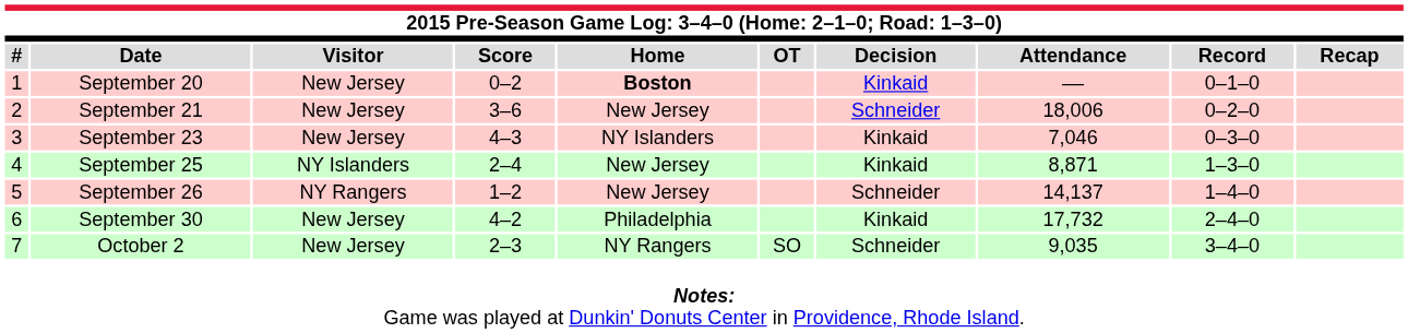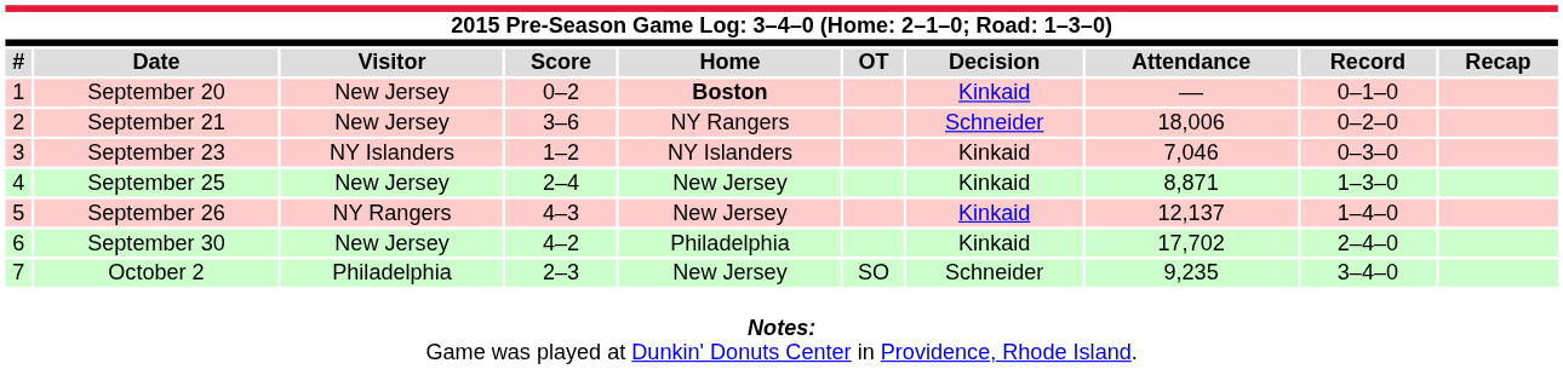 <table class="toccolours collapsible collapsed" style="width:90%; clear:both; margin:1.5em auto; text-align:center;">
 <tr>
 <th colspan=10 style="background:#fff; border-top:#E51837 5px solid; border-bottom:#000000 5px solid;">2015 Pre-Season Game Log: 3–4–0 (Home: 2–1–0; Road: 1–3–0)</th>
 </tr>
 <tr style="text-align:center; background:#ddd;">
 <th>#</th>
 <th>Date</th>
 <th>Visitor</th>
 <th>Score</th>
 <th>Home</th>
 <th>OT</th>
 <th>Decision</th>
 <th>Attendance</th>
 <th>Record</th>
 <th>Recap</th>
 </tr>
 <tr style="text-align:center; background:#fcc;">
 <td>1</td>
 <td>September 20</td>
 <td>New Jersey</td>
 <td>0–2</td>
 <td><strong>Boston</strong></td>
 <td></td>
 <td><a href='#'>Kinkaid</a></td>
 <td>––</td>
 <td>0–1–0</td>
 <td></td>
 </tr>
 <tr style="text-align:center; background:#fcc;">
 <td>2</td>
 <td>September 21</td>
 <td>New Jersey</td>
 <td>3–6</td>
-<td>New Jersey</td>
+<td>NY Rangers</td>
 <td></td>
 <td><a href='#'>Schneider</a></td>
 <td>18,006</td>
 <td>0–2–0</td>
 <td></td>
 </tr>
 <tr style="text-align:center; background:#fcc;">
 <td>3</td>
 <td>September 23</td>
-<td>New Jersey</td>
-<td>4–3</td>
+<td>NY Islanders</td>
+<td>1–2</td>
 <td>NY Islanders</td>
 <td></td>
 <td>Kinkaid</td>
 <td>7,046</td>
 <td>0–3–0</td>
 <td></td>
 </tr>
 <tr style="text-align:center; background:#cfc;">
 <td>4</td>
 <td>September 25</td>
-<td>NY Islanders</td>
+<td>New Jersey</td>
 <td>2–4</td>
 <td>New Jersey</td>
 <td></td>
 <td>Kinkaid</td>
 <td>8,871</td>
 <td>1–3–0</td>
 <td></td>
 </tr>
 <tr style="text-align:center; background:#fcc;">
 <td>5</td>
 <td>September 26</td>
 <td>NY Rangers</td>
-<td>1–2</td>
+<td>4–3</td>
 <td>New Jersey</td>
 <td></td>
-<td>Schneider</td>
-<td>14,137</td>
+<td><a href='#'>Kinkaid</a></td>
+<td>12,137</td>
 <td>1–4–0</td>
 <td></td>
 </tr>
 <tr style="text-align:center; background:#cfc;">
 <td>6</td>
 <td>September 30</td>
 <td>New Jersey</td>
 <td>4–2</td>
 <td>Philadelphia</td>
 <td></td>
 <td>Kinkaid</td>
-<td>17,732</td>
+<td>17,702</td>
 <td>2–4–0</td>
 <td></td>
 </tr>
 <tr style="text-align:center; background:#cfc;">
 <td>7</td>
 <td>October 2</td>
+<td>Philadelphia</td>
+<td>2–3</td>
 <td>New Jersey</td>
-<td>2–3</td>
-<td>NY Rangers</td>
 <td>SO</td>
 <td>Schneider</td>
-<td>9,035</td>
+<td>9,235</td>
 <td>3–4–0</td>
 <td></td>
 </tr>
 <tr>
 <td colspan="10" style="text-align:center;"><br><strong><em>Notes:</em></strong><br> Game was played at <a href='#'>Dunkin' Donuts Center</a> in <a href='#'>Providence, Rhode Island</a>.</td>
 </tr>
 </table>
